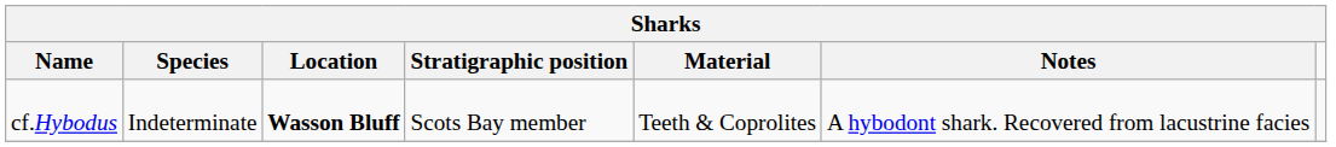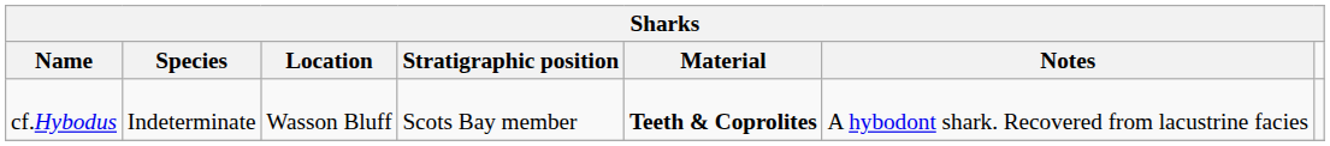 <table class="wikitable" align="center">
 <tr>
 <th colspan="7" align="center"><strong>Sharks</strong></th>
 </tr>
 <tr>
 <th>Name</th>
 <th>Species</th>
 <th>Location</th>
 <th>Stratigraphic position</th>
 <th>Material</th>
 <th>Notes</th>
 </tr>
 <tr>
 <td><br>cf.<em><a href='#'>Hybodus</a></em></td>
 <td><br>Indeterminate</td>
-<td><strong><br>Wasson Bluff</strong></td>
+<td><br>Wasson Bluff</td>
 <td><br>Scots Bay member</td>
-<td><br>Teeth & Coprolites</td>
+<td><strong><br>Teeth & Coprolites</strong></td>
 <td><br>A <a href='#'>hybodont</a> shark. Recovered from lacustrine facies</td>
 <td><br></td>
 </tr>
 <tr>
 </tr>
 </table>
